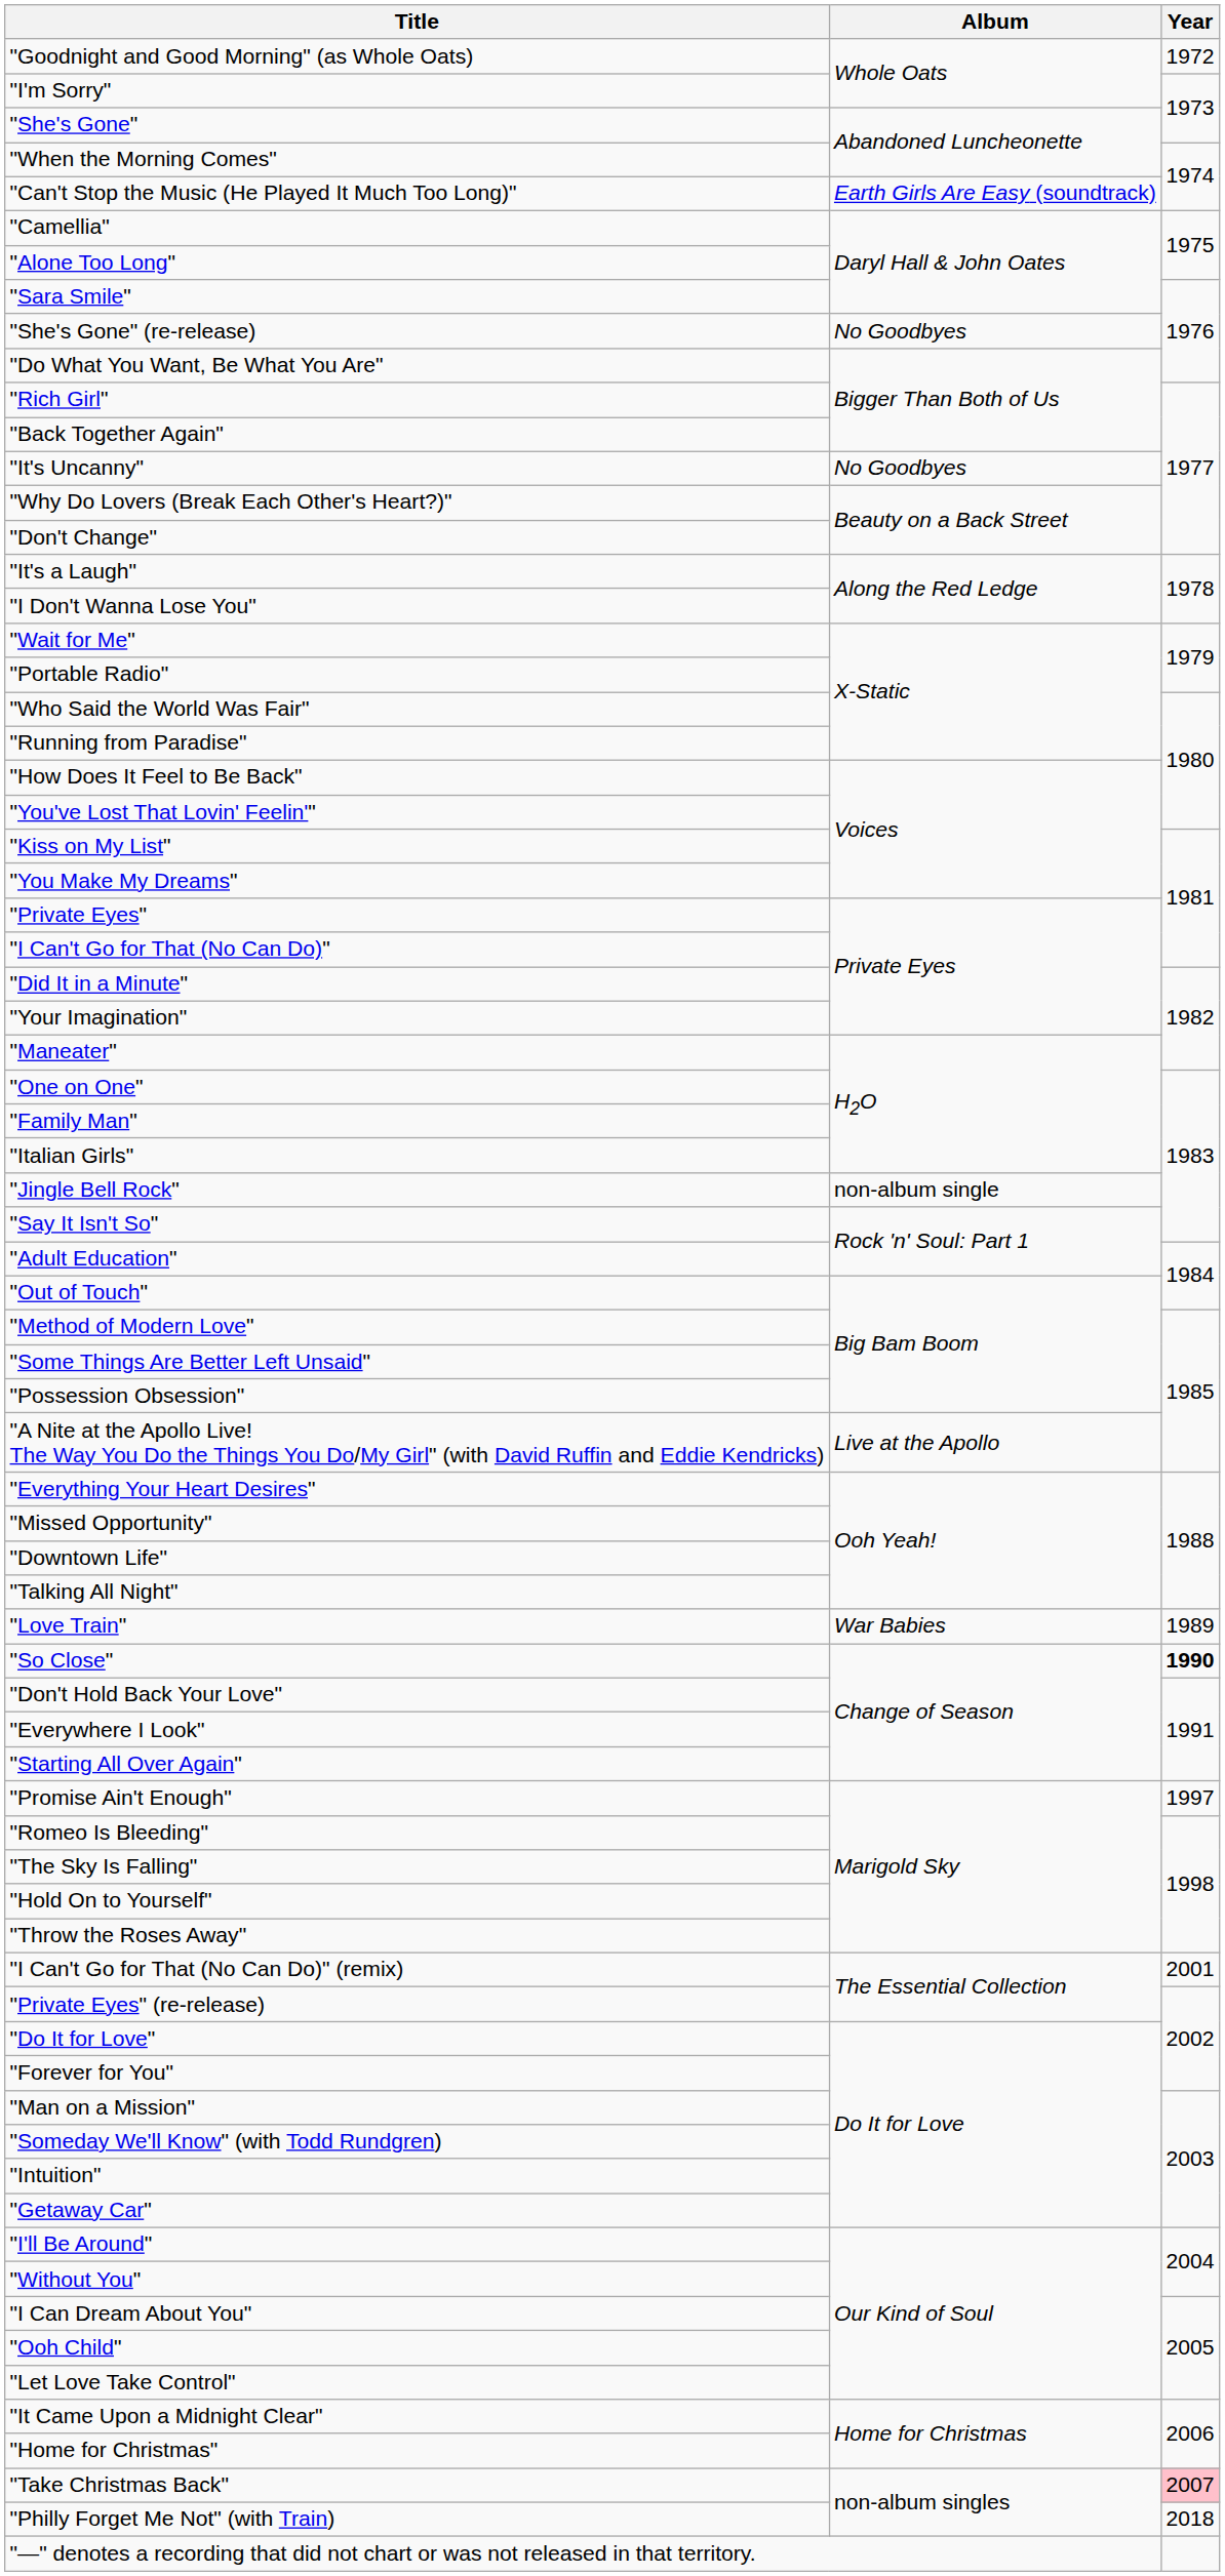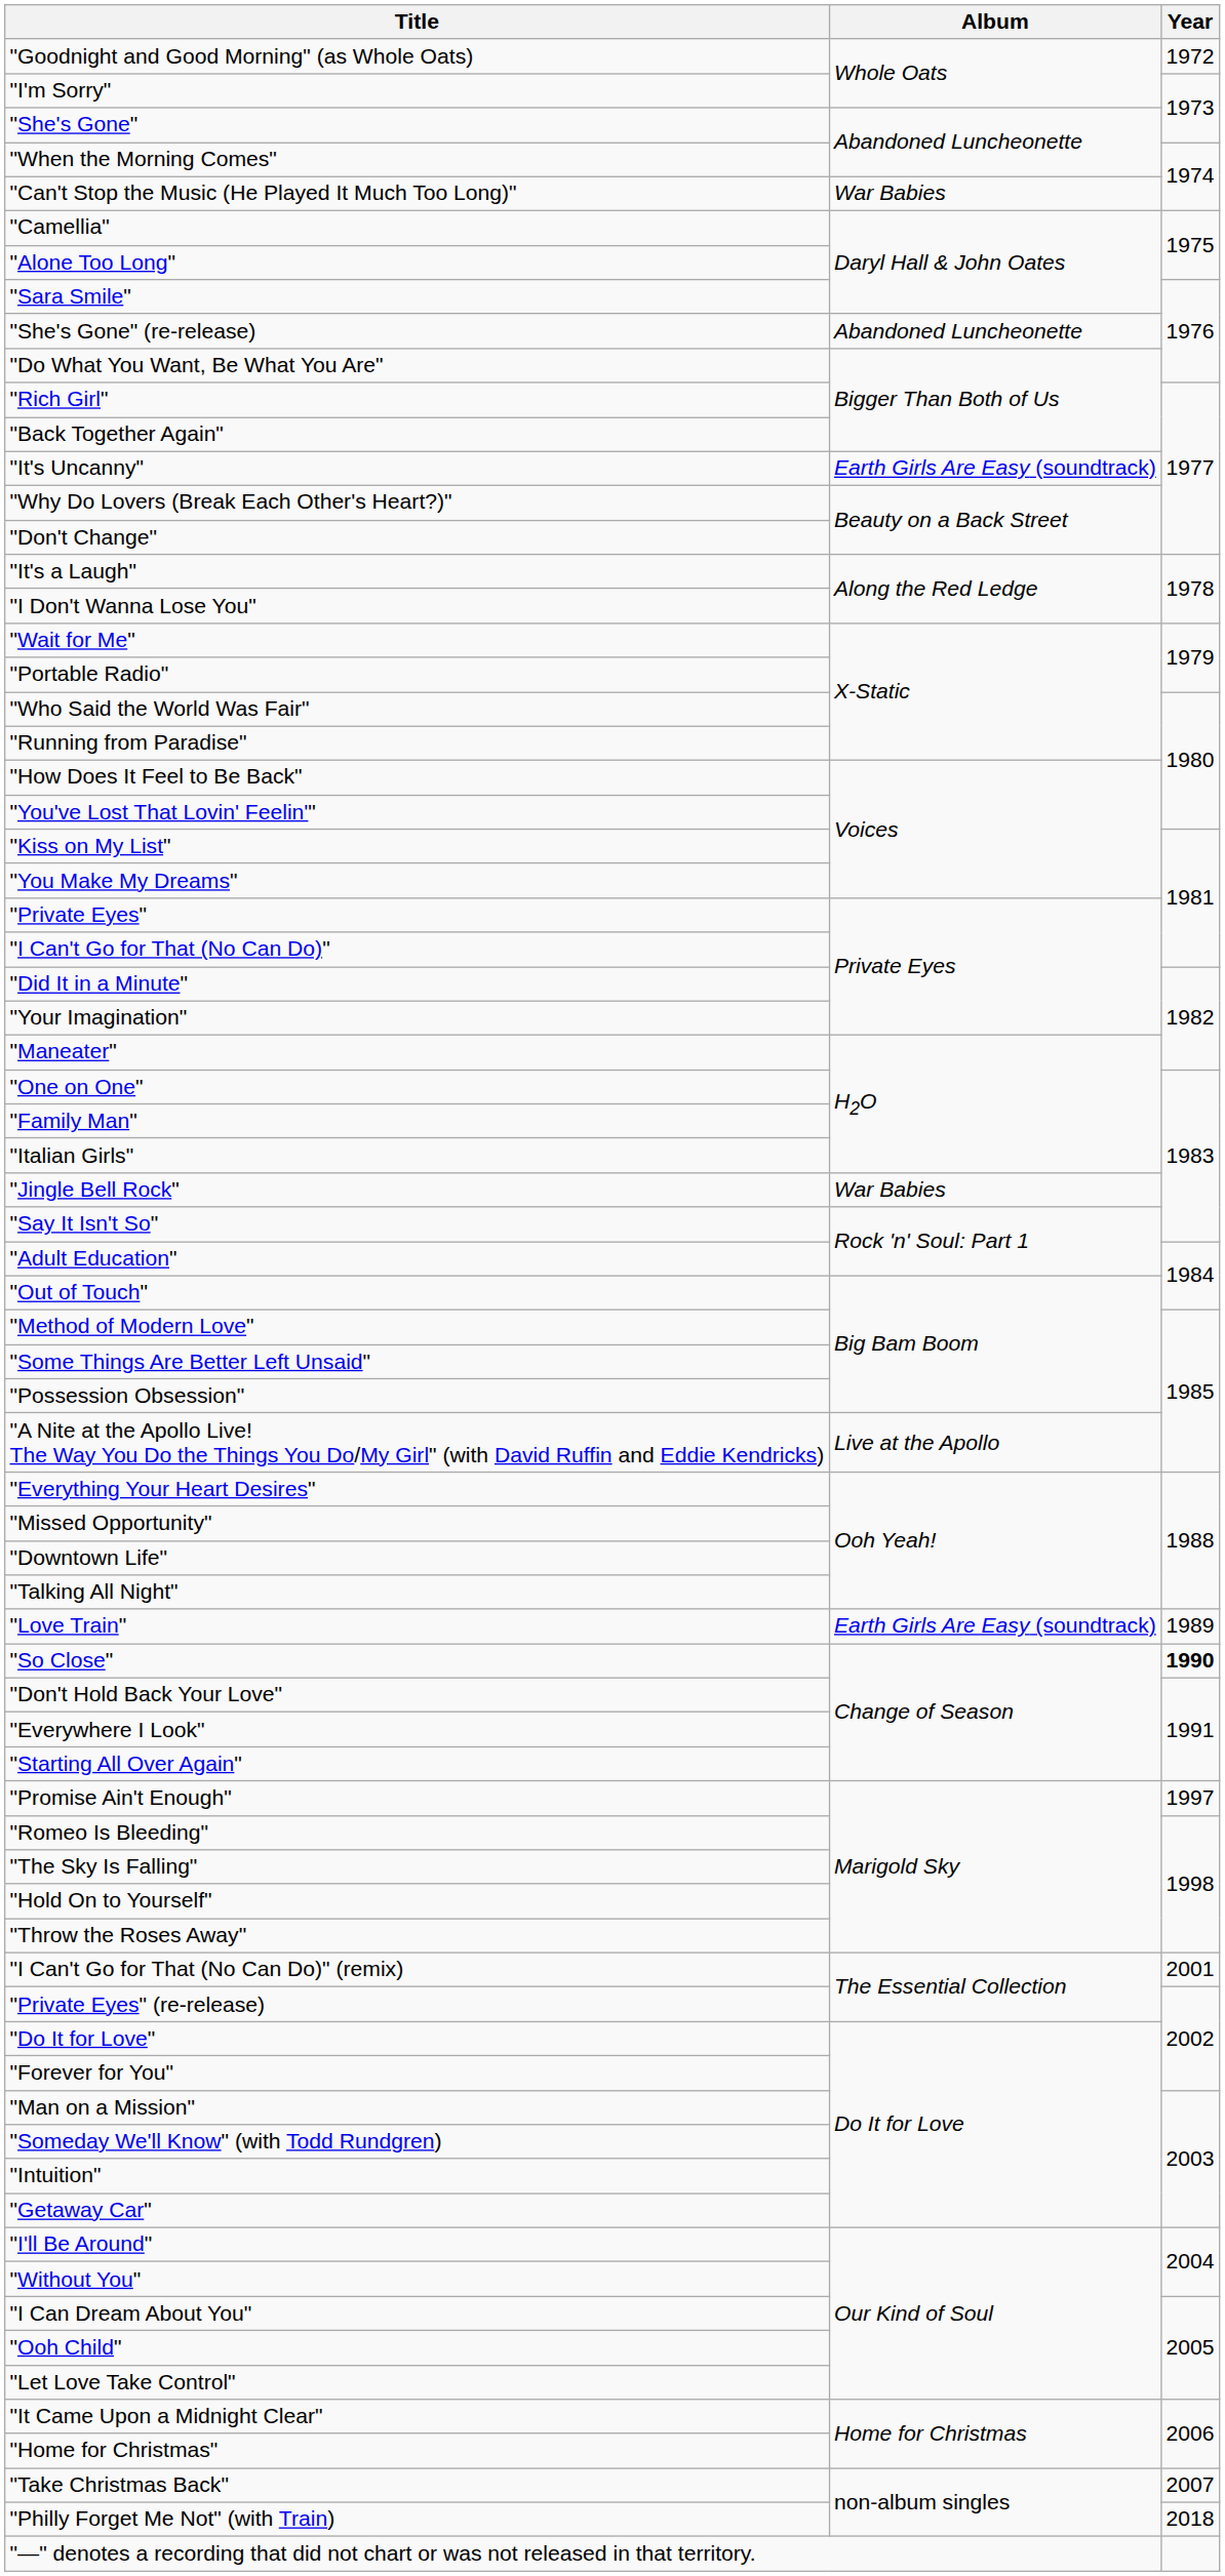 <table class="wikitable sortable">
 <tr>
 <th>Title</th>
 <th>Album</th>
 <th>Year</th>
 </tr>
 <tr>
 <td>"Goodnight and Good Morning" (as Whole Oats)</td>
 <td rowspan="2"><em>Whole Oats</em></td>
 <td>1972</td>
 </tr>
 <tr>
 <td>"I'm Sorry"</td>
 <td rowspan="2">1973</td>
 </tr>
 <tr>
 <td>"<a href='#'>She's Gone</a>"</td>
 <td rowspan="2"><em>Abandoned Luncheonette</em></td>
 </tr>
 <tr>
 <td>"When the Morning Comes"</td>
 <td rowspan="2">1974</td>
 </tr>
 <tr>
 <td>"Can't Stop the Music (He Played It Much Too Long)"</td>
-<td><a href='#'><em>Earth Girls Are Easy</em> (soundtrack)</a></td>
+<td><em>War Babies</em></td>
 </tr>
 <tr>
 <td>"Camellia"</td>
 <td rowspan="3"><em>Daryl Hall & John Oates</em></td>
 <td rowspan="2">1975</td>
 </tr>
 <tr>
 <td>"<a href='#'>Alone Too Long</a>"</td>
 </tr>
 <tr>
 <td>"<a href='#'>Sara Smile</a>"</td>
 <td rowspan="3">1976</td>
 </tr>
 <tr>
 <td>"She's Gone" (re-release)</td>
-<td><em>No Goodbyes</em></td>
+<td><em>Abandoned Luncheonette</em></td>
 </tr>
 <tr>
 <td>"Do What You Want, Be What You Are"</td>
 <td rowspan="3"><em>Bigger Than Both of Us</em></td>
 </tr>
 <tr>
 <td>"<a href='#'>Rich Girl</a>"</td>
 <td rowspan="5">1977</td>
 </tr>
 <tr>
 <td>"Back Together Again"</td>
 </tr>
 <tr>
 <td>"It's Uncanny"</td>
-<td><em>No Goodbyes</em></td>
+<td><a href='#'><em>Earth Girls Are Easy</em> (soundtrack)</a></td>
 </tr>
 <tr>
 <td>"Why Do Lovers (Break Each Other's Heart?)"</td>
 <td rowspan="2"><em>Beauty on a Back Street</em></td>
 </tr>
 <tr>
 <td>"Don't Change"</td>
 </tr>
 <tr>
 <td>"It's a Laugh"</td>
 <td rowspan="2"><em>Along the Red Ledge</em></td>
 <td rowspan="2">1978</td>
 </tr>
 <tr>
 <td>"I Don't Wanna Lose You"</td>
 </tr>
 <tr>
 <td>"<a href='#'>Wait for Me</a>"</td>
 <td rowspan="4"><em>X-Static</em></td>
 <td rowspan="2">1979</td>
 </tr>
 <tr>
 <td>"Portable Radio"</td>
 </tr>
 <tr>
 <td>"Who Said the World Was Fair"</td>
 <td rowspan="4">1980</td>
 </tr>
 <tr>
 <td>"Running from Paradise"</td>
 </tr>
 <tr>
 <td>"How Does It Feel to Be Back"</td>
 <td rowspan="4"><em>Voices</em></td>
 </tr>
 <tr>
 <td>"<a href='#'>You've Lost That Lovin' Feelin'</a>"</td>
 </tr>
 <tr>
 <td>"<a href='#'>Kiss on My List</a>"</td>
 <td rowspan="4">1981</td>
 </tr>
 <tr>
 <td>"<a href='#'>You Make My Dreams</a>"</td>
 </tr>
 <tr>
 <td>"<a href='#'>Private Eyes</a>"</td>
 <td rowspan="4"><em>Private Eyes</em></td>
 </tr>
 <tr>
 <td>"<a href='#'>I Can't Go for That (No Can Do)</a>"</td>
 </tr>
 <tr>
 <td>"<a href='#'>Did It in a Minute</a>"</td>
 <td rowspan="3">1982</td>
 </tr>
 <tr>
 <td>"Your Imagination"</td>
 </tr>
 <tr>
 <td>"<a href='#'>Maneater</a>"</td>
 <td rowspan="4"><em>H<sub>2</sub>O</em></td>
 </tr>
 <tr>
 <td>"<a href='#'>One on One</a>"</td>
 <td rowspan="5">1983</td>
 </tr>
 <tr>
 <td>"<a href='#'>Family Man</a>"</td>
 </tr>
 <tr>
 <td>"Italian Girls"</td>
 </tr>
 <tr>
 <td>"<a href='#'>Jingle Bell Rock</a>"</td>
-<td>non-album single</td>
+<td><em>War Babies</em></td>
 </tr>
 <tr>
 <td>"<a href='#'>Say It Isn't So</a>"</td>
 <td rowspan="2"><em>Rock 'n' Soul: Part 1</em></td>
 </tr>
 <tr>
 <td>"<a href='#'>Adult Education</a>"</td>
 <td rowspan="2">1984</td>
 </tr>
 <tr>
 <td>"<a href='#'>Out of Touch</a>"</td>
 <td rowspan="4"><em>Big Bam Boom</em></td>
 </tr>
 <tr>
 <td>"<a href='#'>Method of Modern Love</a>"</td>
 <td rowspan="4">1985</td>
 </tr>
 <tr>
 <td>"<a href='#'>Some Things Are Better Left Unsaid</a>"</td>
 </tr>
 <tr>
 <td>"Possession Obsession"</td>
 </tr>
 <tr>
 <td>"A Nite at the Apollo Live!<br><a href='#'>The Way You Do the Things You Do</a>/<a href='#'>My Girl</a>" (with <a href='#'>David Ruffin</a> and <a href='#'>Eddie Kendricks</a>)</td>
 <td><em>Live at the Apollo</em></td>
 </tr>
 <tr>
 <td>"<a href='#'>Everything Your Heart Desires</a>"</td>
 <td rowspan="4"><em>Ooh Yeah!</em></td>
 <td rowspan="4">1988</td>
 </tr>
 <tr>
 <td>"Missed Opportunity"</td>
 </tr>
 <tr>
 <td>"Downtown Life"</td>
 </tr>
 <tr>
 <td>"Talking All Night"</td>
 </tr>
 <tr>
 <td>"<a href='#'>Love Train</a>"</td>
-<td><em>War Babies</em></td>
+<td><a href='#'><em>Earth Girls Are Easy</em> (soundtrack)</a></td>
 <td>1989</td>
 </tr>
 <tr>
 <td>"<a href='#'>So Close</a>"</td>
 <td rowspan="4"><em>Change of Season</em></td>
 <td><strong>1990</strong></td>
 </tr>
 <tr>
 <td>"Don't Hold Back Your Love"</td>
 <td rowspan="3">1991</td>
 </tr>
 <tr>
 <td>"Everywhere I Look"</td>
 </tr>
 <tr>
 <td>"<a href='#'>Starting All Over Again</a>"</td>
 </tr>
 <tr>
 <td>"Promise Ain't Enough"</td>
 <td rowspan="5"><em>Marigold Sky</em></td>
 <td>1997</td>
 </tr>
 <tr>
 <td>"Romeo Is Bleeding"</td>
 <td rowspan="4">1998</td>
 </tr>
 <tr>
 <td>"The Sky Is Falling"</td>
 </tr>
 <tr>
 <td>"Hold On to Yourself"</td>
 </tr>
 <tr>
 <td>"Throw the Roses Away"</td>
 </tr>
 <tr>
 <td>"I Can't Go for That (No Can Do)" (remix)</td>
 <td rowspan="2"><em>The Essential Collection</em></td>
 <td>2001</td>
 </tr>
 <tr>
 <td>"<a href='#'>Private Eyes</a>" (re-release)</td>
 <td rowspan="3">2002</td>
 </tr>
 <tr>
 <td>"<a href='#'>Do It for Love</a>"</td>
 <td rowspan="6"><em>Do It for Love</em></td>
 </tr>
 <tr>
 <td>"Forever for You"</td>
 </tr>
 <tr>
 <td>"Man on a Mission"</td>
 <td rowspan="4">2003</td>
 </tr>
 <tr>
 <td>"<a href='#'>Someday We'll Know</a>" (with <a href='#'>Todd Rundgren</a>)</td>
 </tr>
 <tr>
 <td>"Intuition"</td>
 </tr>
 <tr>
 <td>"<a href='#'>Getaway Car</a>"</td>
 </tr>
 <tr>
 <td>"<a href='#'>I'll Be Around</a>"</td>
 <td rowspan="5"><em>Our Kind of Soul</em></td>
 <td rowspan="2">2004</td>
 </tr>
 <tr>
 <td>"<a href='#'>Without You</a>"</td>
 </tr>
 <tr>
 <td>"I Can Dream About You"</td>
 <td rowspan="3">2005</td>
 </tr>
 <tr>
 <td>"<a href='#'>Ooh Child</a>"</td>
 </tr>
 <tr>
 <td>"Let Love Take Control"</td>
 </tr>
 <tr>
 <td>"It Came Upon a Midnight Clear"</td>
 <td rowspan="2"><em>Home for Christmas</em></td>
 <td rowspan="2">2006</td>
 </tr>
 <tr>
 <td>"Home for Christmas"</td>
 </tr>
 <tr>
 <td>"Take Christmas Back"</td>
 <td rowspan="2">non-album singles</td>
-<td style="background: pink;">2007</td>
+<td>2007</td>
 </tr>
 <tr>
 <td>"Philly Forget Me Not" (with <a href='#'>Train</a>)</td>
 <td>2018</td>
 </tr>
 <tr>
 <td colspan="2">"—" denotes a recording that did not chart or was not released in that territory.</td>
 <td></td>
 </tr>
 </table>
